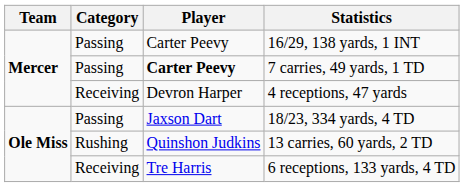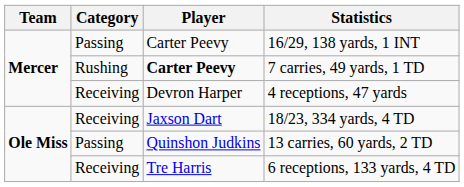 <table class="wikitable" style="float: right;">
 <tr>
 <th>Team</th>
 <th>Category</th>
 <th>Player</th>
 <th>Statistics</th>
 </tr>
 <tr>
 <td rowspan=3><strong>Mercer</strong></td>
 <td>Passing</td>
 <td>Carter Peevy</td>
 <td>16/29, 138 yards, 1 INT</td>
 </tr>
 <tr>
-<td>Passing</td>
+<td>Rushing</td>
 <td><strong>Carter Peevy</strong></td>
 <td>7 carries, 49 yards, 1 TD</td>
 </tr>
 <tr>
 <td>Receiving</td>
 <td>Devron Harper</td>
 <td>4 receptions, 47 yards</td>
 </tr>
 <tr>
 <td rowspan=3><strong>Ole Miss</strong></td>
-<td>Passing</td>
+<td>Receiving</td>
 <td><a href='#'>Jaxson Dart</a></td>
 <td>18/23, 334 yards, 4 TD</td>
 </tr>
 <tr>
-<td>Rushing</td>
+<td>Passing</td>
 <td><a href='#'>Quinshon Judkins</a></td>
 <td>13 carries, 60 yards, 2 TD</td>
 </tr>
 <tr>
 <td>Receiving</td>
 <td><a href='#'>Tre Harris</a></td>
 <td>6 receptions, 133 yards, 4 TD</td>
 </tr>
 </table>
